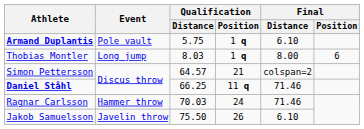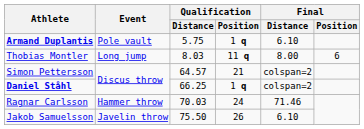 <table class="wikitable" style="font-size:90%">
 <tr>
 <th rowspan="2">Athlete</th>
 <th rowspan="2">Event</th>
 <th colspan="2">Qualification</th>
 <th colspan="2">Final</th>
 </tr>
 <tr style="font-size:95%">
 <th>Distance</th>
 <th>Position</th>
 <th>Distance</th>
 <th>Position</th>
 </tr>
 <tr align="center">
 <td align=left><strong><a href='#'>Armand Duplantis</a></strong></td>
 <td align=left><a href='#'>Pole vault</a></td>
 <td>5.75</td>
 <td>1 <strong>q</strong></td>
 <td>6.10</td>
 <td></td>
 </tr>
 <tr align="center">
 <td align=left><a href='#'>Thobias Montler</a></td>
 <td align=left><a href='#'>Long jump</a></td>
 <td>8.03</td>
-<td>1 <strong>q</strong></td>
+<td>11 <strong>q</strong></td>
 <td>8.00</td>
 <td>6</td>
 </tr>
 <tr align="center">
 <td align=left><a href='#'>Simon Pettersson</a></td>
 <td align=left rowspan=2><a href='#'>Discus throw</a></td>
 <td>64.57</td>
 <td>21</td>
 <td>colspan=2 </td>
 </tr>
 <tr align="center">
 <td align=left><strong><a href='#'>Daniel Ståhl</a></strong></td>
 <td>66.25</td>
-<td>11 <strong>q</strong></td>
-<td>71.46 </td>
+<td>1 <strong>q</strong></td>
+<td>colspan=2 </td>
 <td></td>
 </tr>
 <tr align="center">
 <td align=left><a href='#'>Ragnar Carlsson</a></td>
 <td align=left><a href='#'>Hammer throw</a></td>
 <td>70.03</td>
 <td>24</td>
 <td>71.46 </td>
 </tr>
 <tr align="center">
 <td align=left><a href='#'>Jakob Samuelsson</a></td>
 <td align=left><a href='#'>Javelin throw</a></td>
 <td>75.50</td>
 <td>26</td>
 <td>6.10</td>
 </tr>
 </table>
